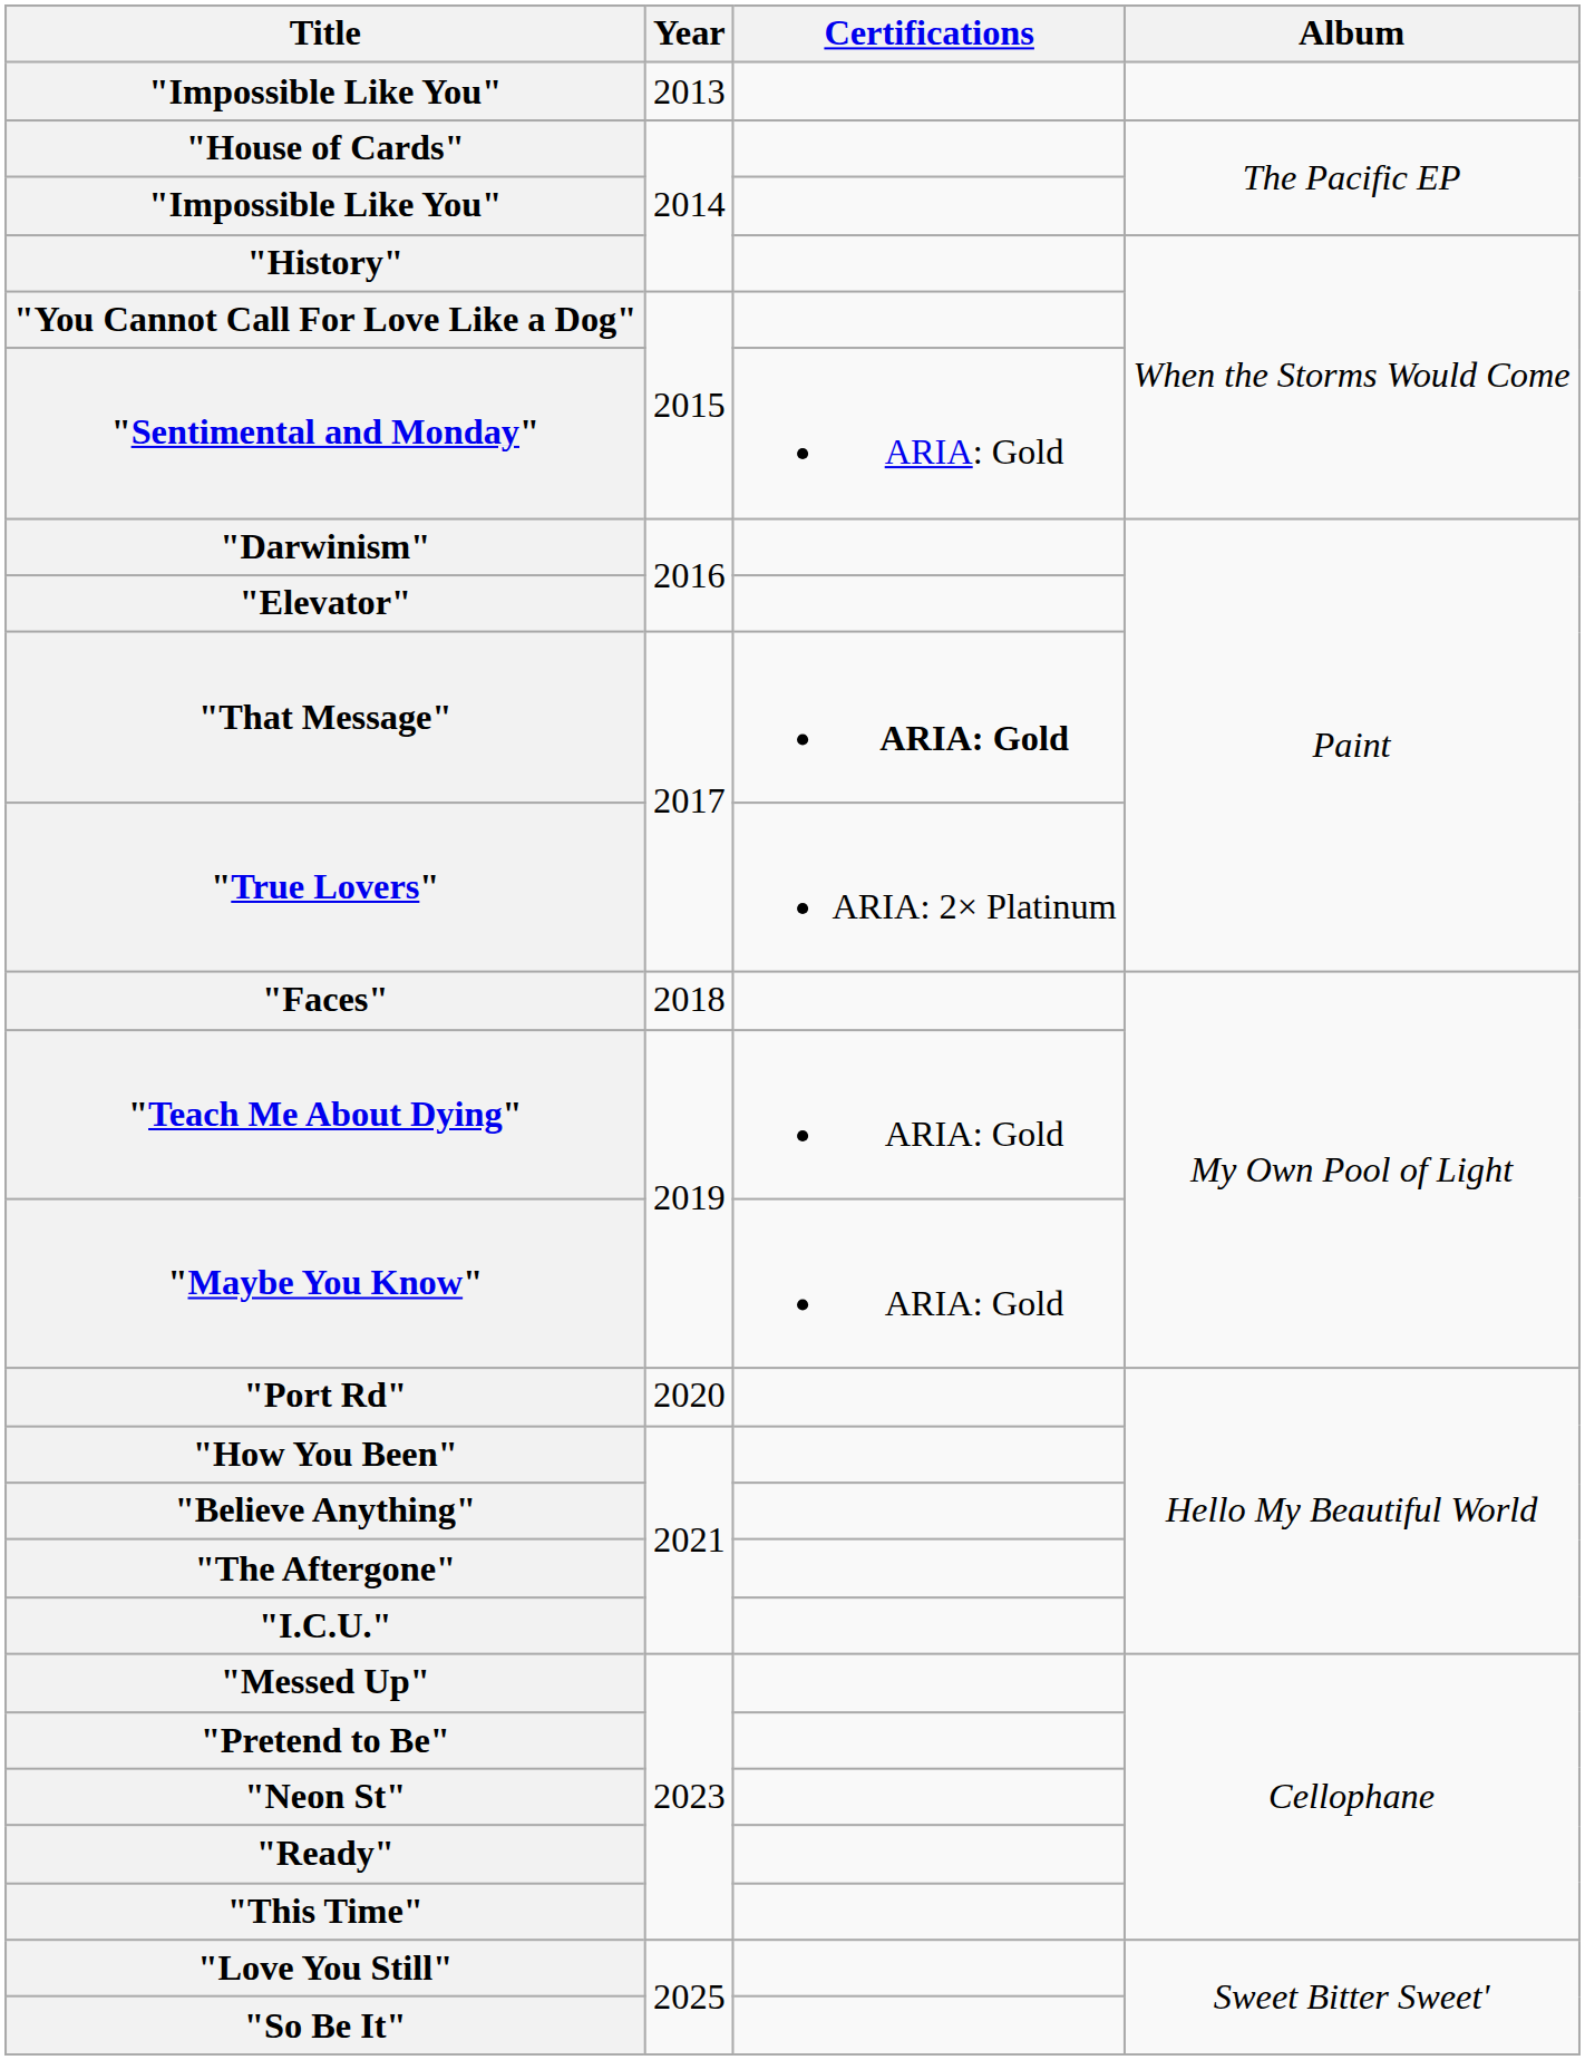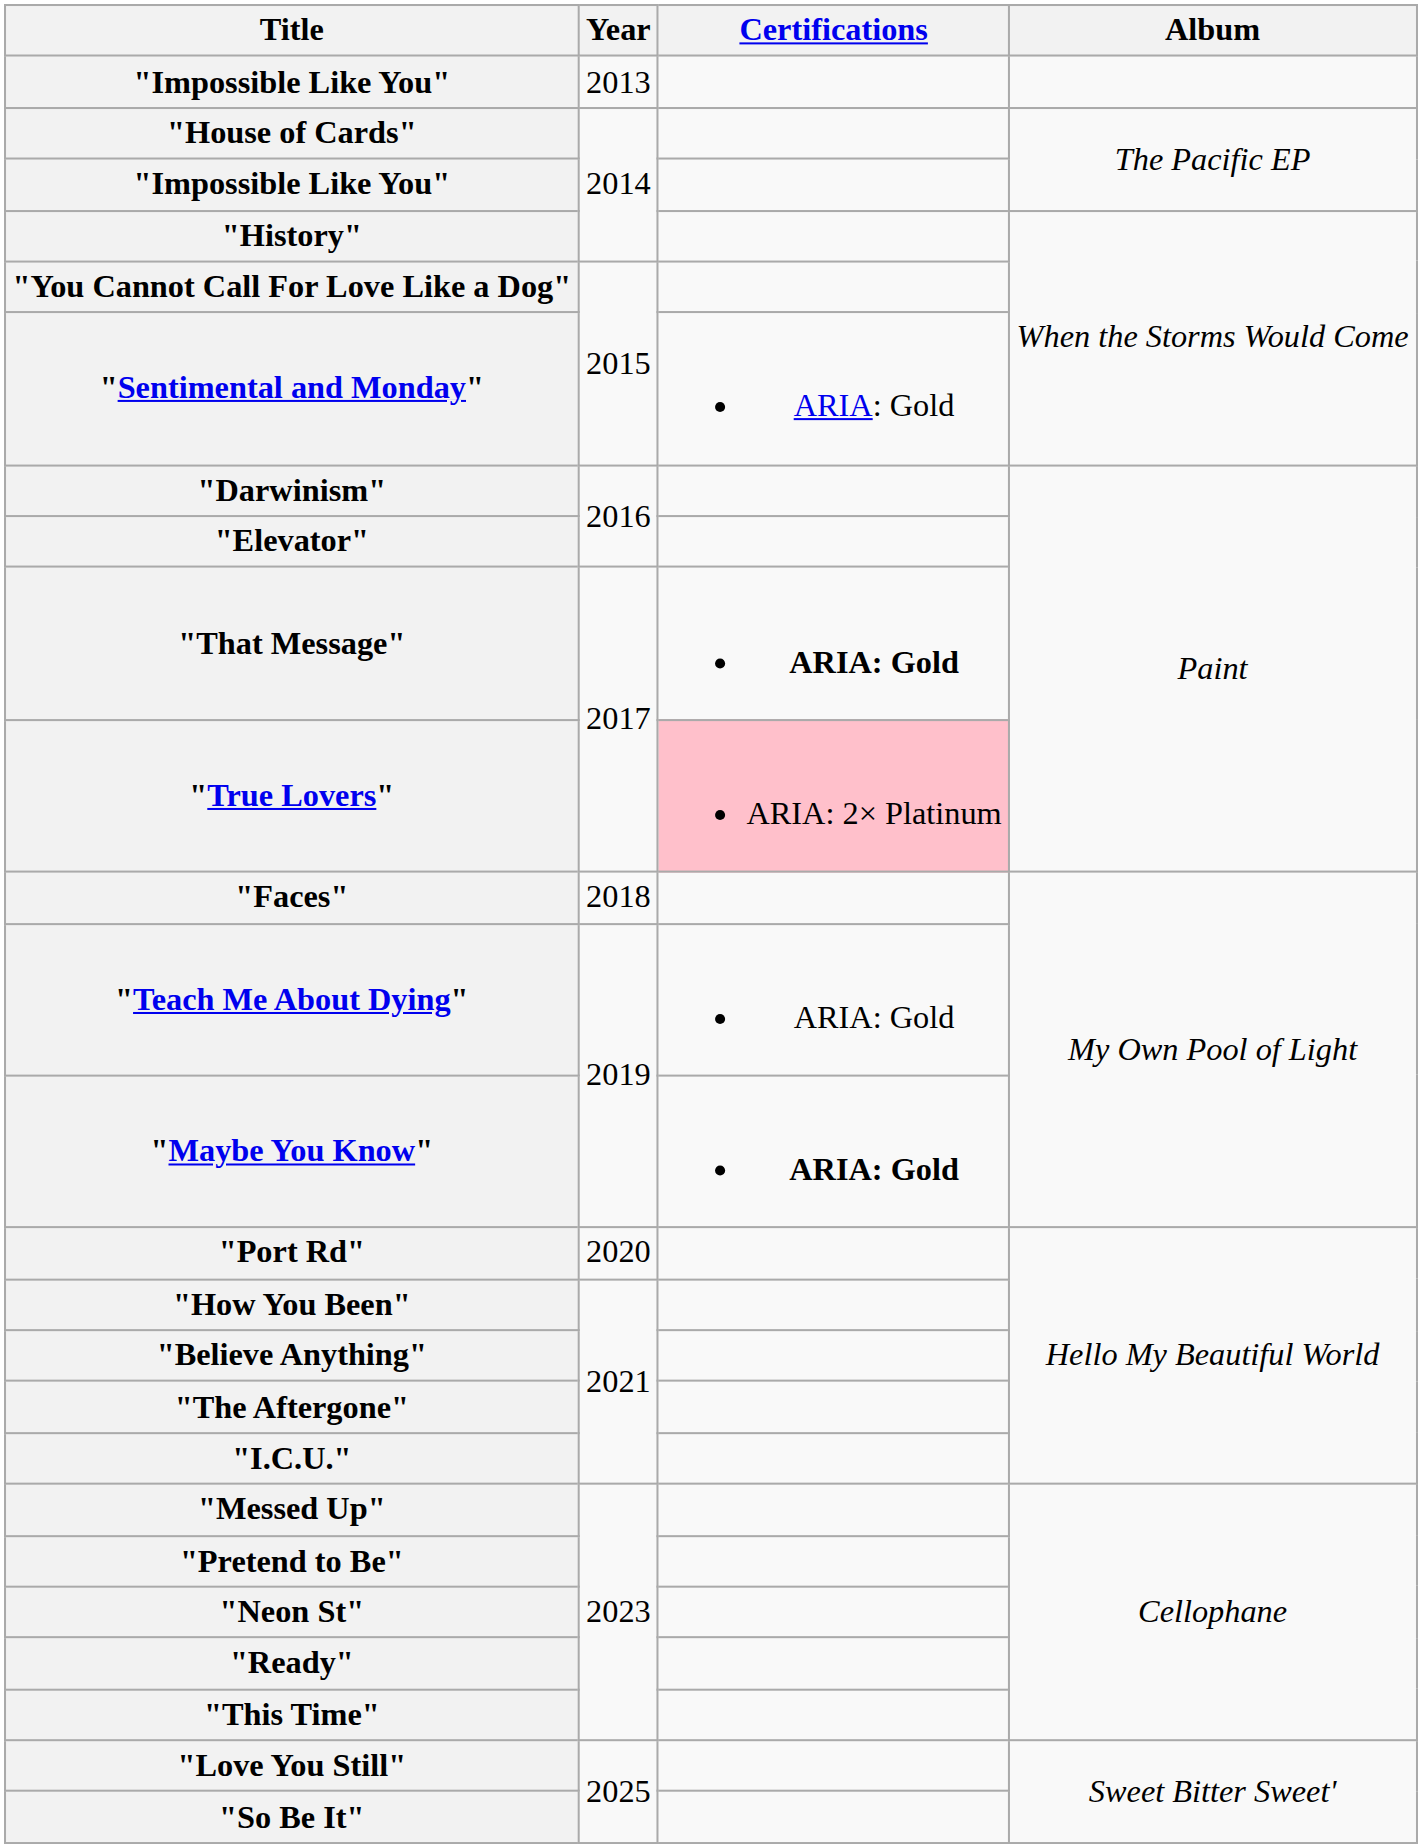 <table class="wikitable plainrowheaders" style="text-align:center;">
 <tr>
 <th scope="col" rowspan="1">Title</th>
 <th scope="col" rowspan="1">Year</th>
 <th scope="col" rowspan="1"><a href='#'>Certifications</a></th>
 <th scope="col" rowspan="1">Album</th>
 </tr>
 <tr>
 <th scope="row">"Impossible Like You"</th>
 <td>2013</td>
 <td></td>
 <td></td>
 </tr>
 <tr>
 <th scope="row">"House of Cards"</th>
 <td rowspan="3">2014</td>
 <td></td>
 <td rowspan="2"><em>The Pacific EP</em></td>
 </tr>
 <tr>
 <th scope="row">"Impossible Like You"<br></th>
 <td></td>
 </tr>
 <tr>
 <th scope="row">"History"</th>
 <td></td>
 <td rowspan="3"><em>When the Storms Would Come</em></td>
 </tr>
 <tr>
 <th scope="row">"You Cannot Call For Love Like a Dog"</th>
 <td rowspan="2">2015</td>
 <td></td>
 </tr>
 <tr>
 <th scope="row">"<a href='#'>Sentimental and Monday</a>"</th>
 <td><br><ul><li><a href='#'>ARIA</a>: Gold</li></ul></td>
 </tr>
 <tr>
 <th scope="row">"Darwinism"</th>
 <td rowspan="2">2016</td>
 <td></td>
 <td rowspan="4"><em>Paint</em></td>
 </tr>
 <tr>
 <th scope="row">"Elevator"</th>
 <td></td>
 </tr>
 <tr>
 <th scope="row">"That Message"</th>
 <td rowspan="2">2017</td>
 <td><strong><br><ul><li>ARIA: Gold</li></ul></strong></td>
 </tr>
 <tr>
 <th scope="row">"<a href='#'>True Lovers</a>"</th>
-<td><br><ul><li>ARIA: 2× Platinum</li></ul></td>
+<td style="background: pink;"><br><ul><li>ARIA: 2× Platinum</li></ul></td>
 </tr>
 <tr>
 <th scope="row">"Faces"</th>
 <td>2018</td>
 <td></td>
 <td rowspan="3"><em>My Own Pool of Light</em></td>
 </tr>
 <tr>
 <th scope="row">"<a href='#'>Teach Me About Dying</a>"</th>
 <td rowspan="2">2019</td>
 <td><br><ul><li>ARIA: Gold</li></ul></td>
 </tr>
 <tr>
 <th scope="row">"<a href='#'>Maybe You Know</a>"</th>
-<td><br><ul><li>ARIA: Gold</li></ul></td>
+<td><strong><br><ul><li>ARIA: Gold</li></ul></strong></td>
 </tr>
 <tr>
 <th scope="row">"Port Rd"<br></th>
 <td>2020</td>
 <td></td>
 <td rowspan="5"><em>Hello My Beautiful World</em></td>
 </tr>
 <tr>
 <th scope="row">"How You Been"</th>
 <td rowspan="4">2021</td>
 <td></td>
 </tr>
 <tr>
 <th scope="row">"Believe Anything"</th>
 <td></td>
 </tr>
 <tr>
 <th scope="row">"The Aftergone"</th>
 <td></td>
 </tr>
 <tr>
 <th scope="row">"I.C.U."</th>
 <td></td>
 </tr>
 <tr>
 <th scope="row">"Messed Up"<br></th>
 <td rowspan="5">2023</td>
 <td></td>
 <td rowspan="5"><em>Cellophane</em></td>
 </tr>
 <tr>
 <th scope="row">"Pretend to Be"</th>
 <td></td>
 </tr>
 <tr>
 <th scope="row">"Neon St"<br></th>
 <td></td>
 </tr>
 <tr>
 <th scope="row">"Ready"<br></th>
 <td></td>
 </tr>
 <tr>
 <th scope="row">"This Time"<br></th>
 <td></td>
 </tr>
 <tr>
 <th scope="row">"Love You Still"</th>
 <td rowspan="2">2025</td>
 <td></td>
 <td rowspan="2"><em>Sweet Bitter Sweet'</td>
 </tr>
 <tr>
 <th scope="row">"So Be It"</th>
 <td></td>
 </tr>
 <tr>
 </tr>
 </table>
